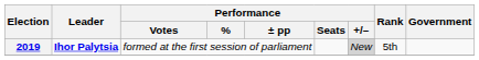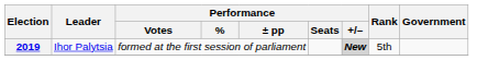 <table class=wikitable style=text-align:center>
 <tr>
 <th rowspan="2"><strong>Election</strong></th>
 <th rowspan="2">Leader</th>
 <th colspan="5" scope="col">Performance</th>
 <th rowspan="2">Rank</th>
 <th rowspan="2">Government</th>
 </tr>
 <tr>
 <th><strong>Votes</strong></th>
 <th><strong>%</strong></th>
 <th><strong>± pp</strong></th>
 <th><strong>Seats</strong></th>
 <th><strong>+/–</strong></th>
 </tr>
 <tr>
 <th><a href='#'>2019</a></th>
-<td><strong><a href='#'>Ihor Palytsia</a></strong></td>
+<td><a href='#'>Ihor Palytsia</a></td>
 <td colspan=3><em>formed at the first session of parliament</em></td>
 <td></td>
-<td bgcolor="lightgrey"><em>New</em></td>
+<td bgcolor="lightgrey"><strong><em>New</em></strong></td>
 <td> 5th</td>
 <td></td>
 </tr>
 <tr>
 </tr>
 </table>
